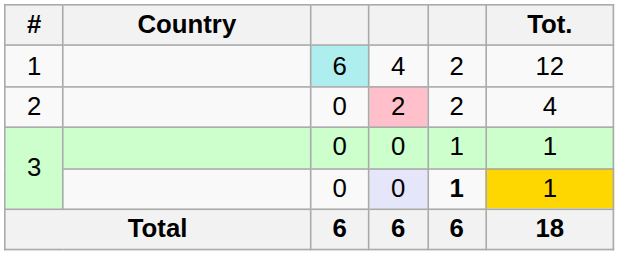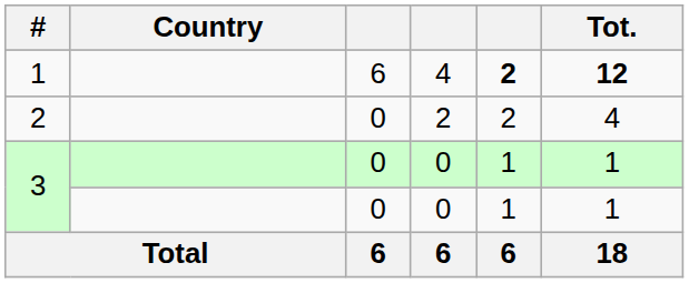 <table class="wikitable" width=30% style="font-size:100%; text-align:center;">
 <tr>
 <th>#</th>
 <th>Country</th>
 <th></th>
 <th></th>
 <th></th>
 <th>Tot.</th>
 </tr>
 <tr>
 <td>1</td>
 <td align=left></td>
-<td style="background: paleturquoise;">6</td>
+<td>6</td>
 <td>4</td>
-<td>2</td>
-<td>12</td>
+<td><strong>2</strong></td>
+<td><strong>12</strong></td>
 </tr>
 <tr>
 <td>2</td>
 <td align=left></td>
 <td>0</td>
-<td style="background: pink;">2</td>
+<td>2</td>
 <td>2</td>
 <td>4</td>
 </tr>
 <tr style="background:#ccffcc;">
 <td rowspan=2>3</td>
 <td align=left></td>
 <td>0</td>
 <td>0</td>
 <td>1</td>
 <td>1</td>
 </tr>
 <tr>
 <td align=left></td>
 <td>0</td>
-<td style="background: lavender;">0</td>
-<td><strong>1</strong></td>
-<td style="background: gold;">1</td>
+<td>0</td>
+<td>1</td>
+<td>1</td>
 </tr>
 <tr class="sortbottom">
 <th colspan=2>Total</th>
 <th>6</th>
 <th>6</th>
 <th>6</th>
 <th>18</th>
 </tr>
 </table>
